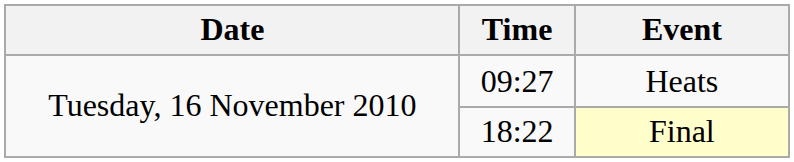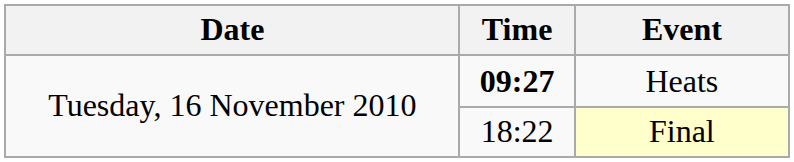 <table class = "wikitable" style="text-align:center;">
 <tr>
 <th width=220>Date</th>
 <th width=50>Time</th>
 <th width=100>Event</th>
 </tr>
 <tr>
 <td rowspan=2>Tuesday, 16 November 2010</td>
-<td>09:27</td>
+<td><strong>09:27</strong></td>
 <td>Heats</td>
 </tr>
 <tr>
 <td>18:22</td>
 <td bgcolor=ffffcc>Final</td>
 </tr>
 </table>
